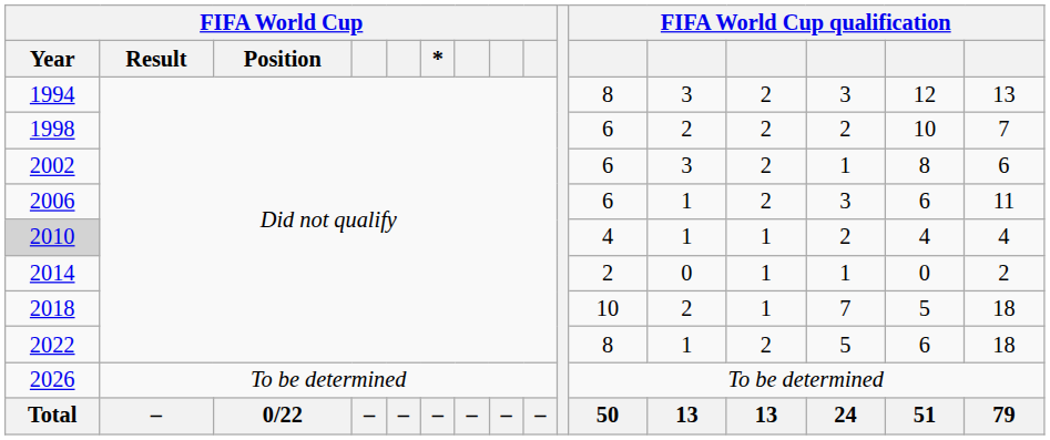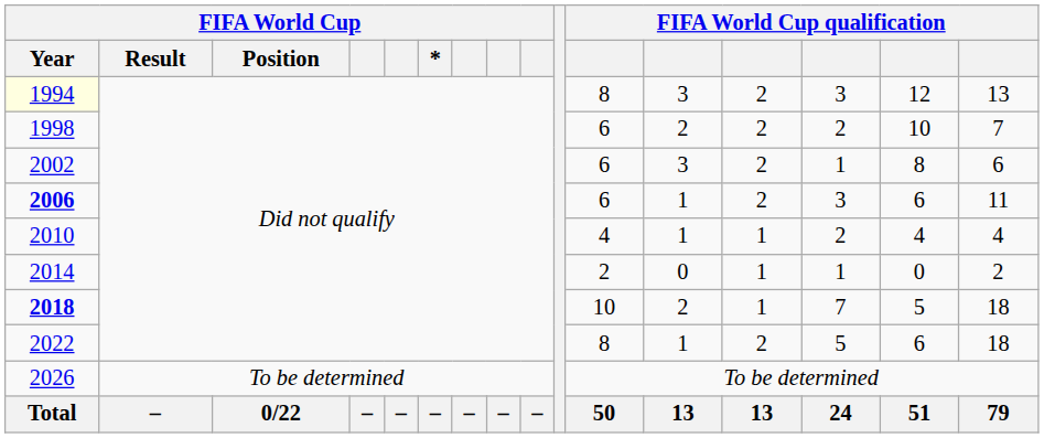 <table class="wikitable" style="text-align: center;">
 <tr>
 <th colspan=9><a href='#'>FIFA World Cup</a></th>
 <th width=1% rowspan=39></th>
 <th colspan=6><a href='#'>FIFA World Cup qualification</a></th>
 </tr>
 <tr>
 <th>Year</th>
 <th>Result</th>
 <th>Position</th>
 <th></th>
 <th></th>
 <th>*</th>
 <th></th>
 <th></th>
 <th></th>
 <th></th>
 <th></th>
 <th></th>
 <th></th>
 <th></th>
 <th></th>
 </tr>
 <tr>
-<td> <a href='#'>1994</a></td>
+<td style="background: lightyellow;"> <a href='#'>1994</a></td>
 <td rowspan=8 colspan=8><em>Did not qualify</em></td>
 <td>8</td>
 <td>3</td>
 <td>2</td>
 <td>3</td>
 <td>12</td>
 <td>13</td>
 </tr>
 <tr>
 <td> <a href='#'>1998</a></td>
 <td>6</td>
 <td>2</td>
 <td>2</td>
 <td>2</td>
 <td>10</td>
 <td>7</td>
 </tr>
 <tr>
 <td>  <a href='#'>2002</a></td>
 <td>6</td>
 <td>3</td>
 <td>2</td>
 <td>1</td>
 <td>8</td>
 <td>6</td>
 </tr>
 <tr>
-<td> <a href='#'>2006</a></td>
+<td><strong> <a href='#'>2006</a></strong></td>
 <td>6</td>
 <td>1</td>
 <td>2</td>
 <td>3</td>
 <td>6</td>
 <td>11</td>
 </tr>
 <tr>
-<td style="background: lightgrey;"> <a href='#'>2010</a></td>
+<td> <a href='#'>2010</a></td>
 <td>4</td>
 <td>1</td>
 <td>1</td>
 <td>2</td>
 <td>4</td>
 <td>4</td>
 </tr>
 <tr>
 <td> <a href='#'>2014</a></td>
 <td>2</td>
 <td>0</td>
 <td>1</td>
 <td>1</td>
 <td>0</td>
 <td>2</td>
 </tr>
 <tr>
-<td> <a href='#'>2018</a></td>
+<td><strong> <a href='#'>2018</a></strong></td>
 <td>10</td>
 <td>2</td>
 <td>1</td>
 <td>7</td>
 <td>5</td>
 <td>18</td>
 </tr>
 <tr>
 <td> <a href='#'>2022</a></td>
 <td>8</td>
 <td>1</td>
 <td>2</td>
 <td>5</td>
 <td>6</td>
 <td>18</td>
 </tr>
 <tr>
 <td>   <a href='#'>2026</a></td>
 <td colspan=8><em>To be determined</em></td>
 <td colspan=6><em>To be determined</em></td>
 </tr>
 <tr>
 <th><strong>Total</strong></th>
 <th>–</th>
 <th><strong>0/22</strong></th>
 <th>–</th>
 <th>–</th>
 <th>–</th>
 <th>–</th>
 <th>–</th>
 <th>–</th>
 <th><strong>50</strong></th>
 <th><strong>13</strong></th>
 <th><strong>13</strong></th>
 <th><strong>24</strong></th>
 <th><strong>51</strong></th>
 <th><strong>79</strong></th>
 </tr>
 </table>
